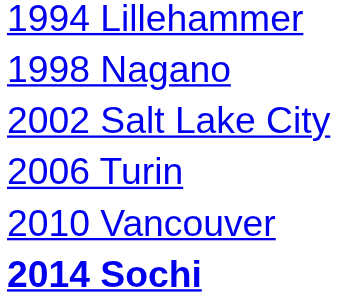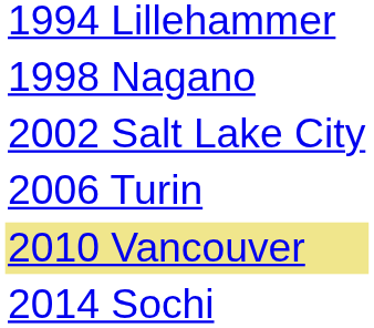 <table>
 <tr>
 <td><a href='#'>1994 Lillehammer</a><br></td>
 <td></td>
 <td></td>
 <td></td>
 </tr>
 <tr>
 <td><a href='#'>1998 Nagano</a><br></td>
 <td></td>
 <td></td>
 <td></td>
 </tr>
 <tr valign="top">
 <td><a href='#'>2002 Salt Lake City</a><br></td>
 <td></td>
 <td></td>
 <td></td>
 </tr>
 <tr>
 <td><a href='#'>2006 Turin</a><br></td>
 <td></td>
 <td></td>
 <td></td>
 </tr>
 <tr>
-<td><a href='#'>2010 Vancouver</a><br></td>
+<td style="background: khaki;"><a href='#'>2010 Vancouver</a><br></td>
 <td></td>
 <td></td>
 <td></td>
 </tr>
 <tr>
-<td><strong><a href='#'>2014 Sochi</a><br></strong></td>
+<td><a href='#'>2014 Sochi</a><br></td>
 <td></td>
 <td></td>
 <td></td>
 </tr>
 <tr valign="top">
 <td><br></td>
 <td></td>
 <td></td>
 <td></td>
 </tr>
 <tr valign="top">
 <td><br></td>
 <td></td>
 <td></td>
 <td></td>
 </tr>
 <tr valign="top">
 </tr>
 </table>
